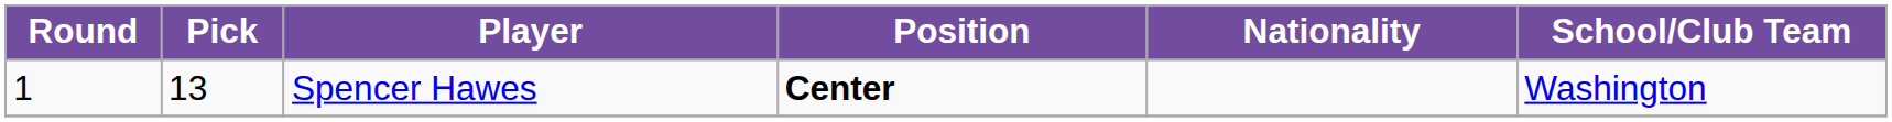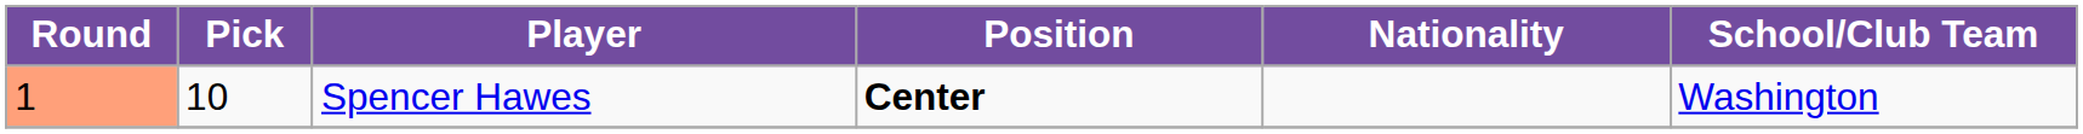 <table class="wikitable sortable sortable">
 <tr>
 <th style="background:#724C9F; color:white;" width="5%">Round</th>
 <th style="background:#724C9F; color:white;" width="5%">Pick</th>
 <th style="background:#724C9F; color:white;" width="20%">Player</th>
 <th style="background:#724C9F; color:white;" width="15%">Position</th>
 <th style="background:#724C9F; color:white;" width="15%">Nationality</th>
 <th style="background:#724C9F; color:white;" width="15%">School/Club Team</th>
 </tr>
 <tr>
-<td>1</td>
-<td>13</td>
+<td style="background: lightsalmon;">1</td>
+<td>10</td>
 <td><a href='#'>Spencer Hawes</a></td>
 <td><strong>Center</strong></td>
 <td></td>
 <td><a href='#'>Washington</a></td>
 </tr>
 <tr>
 </tr>
 </table>
